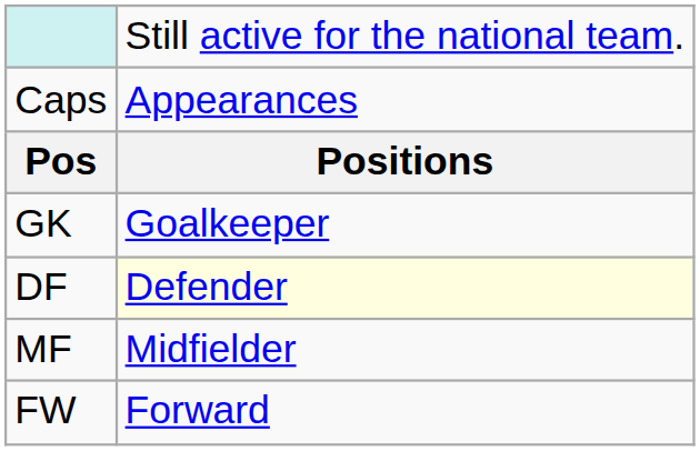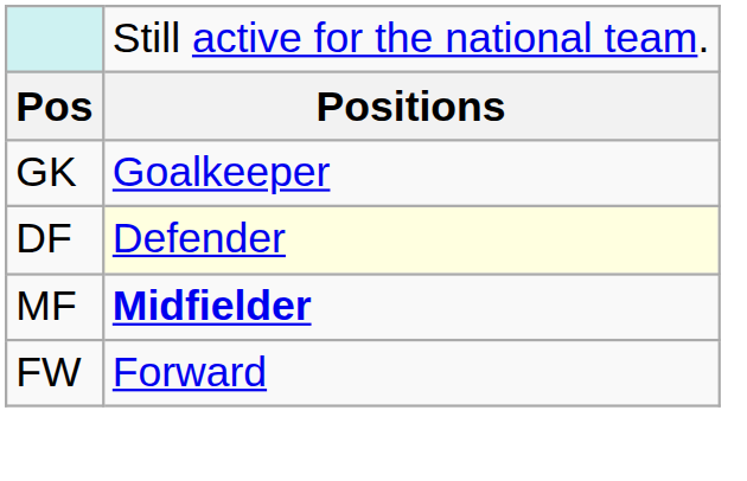 <table class="wikitable">
 <tr>
 <td style="background-color:#CEF2F2"></td>
 <td>Still <a href='#'>active for the national team</a>.</td>
-</tr>
-<tr>
-<td>Caps</td>
-<td><a href='#'>Appearances</a></td>
 </tr>
 <tr>
 <th>Pos</th>
 <th style="align: left">Positions</th>
 </tr>
 <tr>
 <td>GK</td>
 <td><a href='#'>Goalkeeper</a></td>
 </tr>
 <tr>
 <td>DF</td>
 <td style="background: lightyellow;"><a href='#'>Defender</a></td>
 </tr>
 <tr>
 <td>MF</td>
-<td><a href='#'>Midfielder</a></td>
+<td><strong><a href='#'>Midfielder</a></strong></td>
 </tr>
 <tr>
 <td>FW</td>
 <td><a href='#'>Forward</a></td>
 </tr>
 </table>
